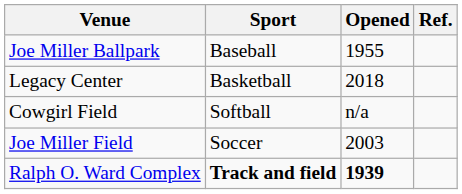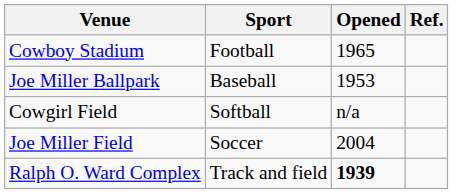 <table class="wikitable"; style= "text-align: ">
 <tr>
 <th width=px>Venue</th>
 <th width=px>Sport</th>
 <th width=px>Opened</th>
 <th width=px>Ref.</th>
 </tr>
 <tr>
-<td><a href='#'>Joe Miller Ballpark</a></td>
-<td>Baseball</td>
-<td>1955</td>
+<td><a href='#'>Cowboy Stadium</a></td>
+<td>Football</td>
+<td>1965</td>
 <td></td>
 </tr>
 <tr>
-<td>Legacy Center</td>
-<td>Basketball</td>
-<td>2018</td>
+<td><a href='#'>Joe Miller Ballpark</a></td>
+<td>Baseball</td>
+<td>1953</td>
 <td></td>
 </tr>
 <tr>
 <td>Cowgirl Field</td>
 <td>Softball</td>
 <td>n/a</td>
 <td></td>
 </tr>
 <tr>
 <td><a href='#'>Joe Miller Field</a></td>
 <td>Soccer</td>
-<td>2003</td>
+<td>2004</td>
 <td></td>
 </tr>
 <tr>
 <td><a href='#'>Ralph O. Ward Complex</a></td>
-<td><strong>Track and field</strong></td>
+<td>Track and field</td>
 <td><strong>1939</strong></td>
 <td></td>
 </tr>
 </table>
